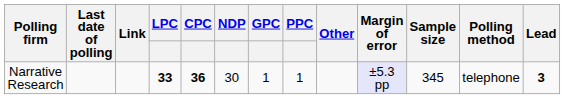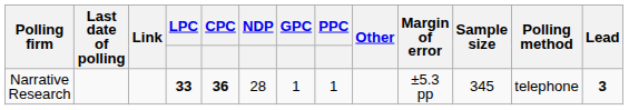 <table class="wikitable sortable mw-datatable" style="text-align:center;font-size:90%;line-height:14px;">
 <tr style="height:40px;">
 <th style="width:105px;" rowspan="2">Polling firm</th>
 <th style="width:105px;" rowspan="2">Last date<br>of polling</th>
 <th rowspan="2">Link</th>
 <th class="unsortable" style="width:40px;"><a href='#'>LPC</a></th>
 <th class="unsortable" style="width:40px;"><a href='#'>CPC</a></th>
 <th class="unsortable" style="width:40px;"><a href='#'>NDP</a></th>
 <th class="unsortable" style="width:40px;"><a href='#'>GPC</a></th>
 <th class="unsortable" style="width:40px;"><a href='#'>PPC</a></th>
 <th rowspan="2" style="width:40px"><a href='#'>Other</a></th>
 <th rowspan="2">Margin<br>of error</th>
 <th rowspan="2">Sample<br>size</th>
 <th rowspan="2">Polling method</th>
 <th rowspan="2">Lead</th>
 </tr>
 <tr>
 <th style="background:"></th>
 <th style="background:"></th>
 <th style="background:"></th>
 <th style="background:"></th>
 <th style="background:"></th>
 </tr>
 <tr>
 <td>Narrative Research</td>
 <td></td>
 <td></td>
 <td><strong>33</strong></td>
 <td><strong>36</strong></td>
-<td>30</td>
+<td>28</td>
 <td>1</td>
 <td>1</td>
 <td></td>
-<td style="background: lavender;">±5.3 pp</td>
+<td>±5.3 pp</td>
 <td>345</td>
 <td>telephone</td>
 <td><strong>3</strong></td>
 </tr>
 </table>
